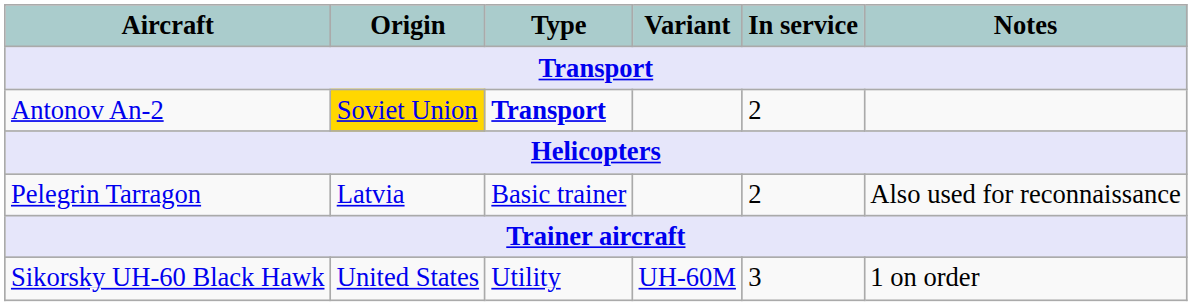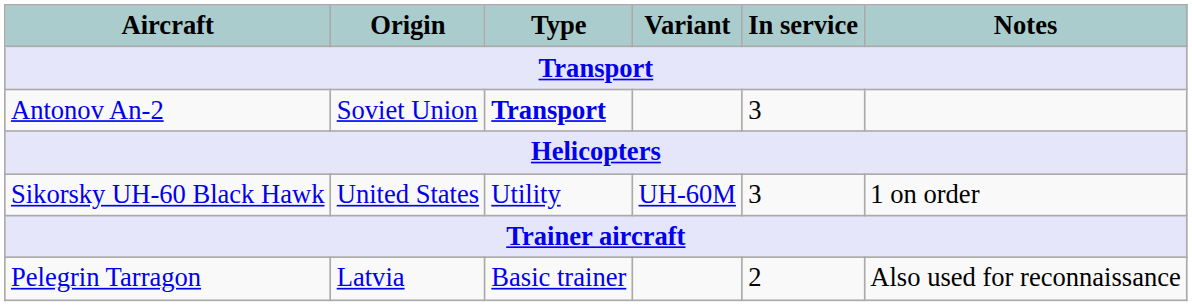 <table class="wikitable">
 <tr>
 <th style="text-align:center; background:#acc;">Aircraft</th>
 <th style="text-align: center; background:#acc;">Origin</th>
 <th style="text-align:l center; background:#acc;">Type</th>
 <th style="text-align:l center; background:#acc;">Variant</th>
 <th style="text-align:center; background:#acc;">In service</th>
 <th style="text-align: center; background:#acc;">Notes</th>
 </tr>
 <tr>
 <th colspan="6" style="align: center; background: lavender;"><a href='#'>Transport</a></th>
 </tr>
 <tr>
 <td><a href='#'>Antonov An-2</a></td>
-<td style="background: gold;"><a href='#'>Soviet Union</a></td>
+<td><a href='#'>Soviet Union</a></td>
 <td><strong><a href='#'>Transport</a></strong></td>
 <td></td>
-<td>2</td>
+<td>3</td>
 <td></td>
 </tr>
 <tr>
 <th colspan="6" style="align: center; background: lavender;"><a href='#'>Helicopters</a></th>
+</tr>
+<tr>
+<td><a href='#'>Sikorsky UH-60 Black Hawk</a></td>
+<td><a href='#'>United States</a></td>
+<td><a href='#'>Utility</a></td>
+<td><a href='#'>UH-60M</a></td>
+<td>3</td>
+<td>1 on order</td>
+</tr>
+<tr>
+<th colspan="6" style="align: center; background: lavender;"><a href='#'>Trainer aircraft</a></th>
 </tr>
 <tr>
 <td><a href='#'>Pelegrin Tarragon</a></td>
 <td><a href='#'>Latvia</a></td>
 <td><a href='#'>Basic trainer</a></td>
 <td></td>
 <td>2</td>
 <td>Also used for reconnaissance</td>
 </tr>
-<tr>
-<th colspan="6" style="align: center; background: lavender;"><a href='#'>Trainer aircraft</a></th>
-</tr>
-<tr>
-<td><a href='#'>Sikorsky UH-60 Black Hawk</a></td>
-<td><a href='#'>United States</a></td>
-<td><a href='#'>Utility</a></td>
-<td><a href='#'>UH-60M</a></td>
-<td>3</td>
-<td>1 on order</td>
-</tr>
 </table>
